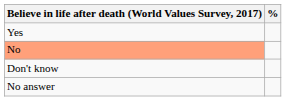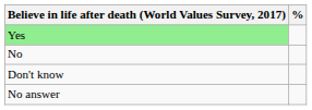 <table class="wikitable float" style="font-size: 90%">
 <tr>
 <th>Believe in life after death (World Values Survey, 2017) </th>
 <th colspan="2">%</th>
 </tr>
 <tr>
-<td>Yes</td>
+<td style="background: lightgreen;">Yes</td>
 <td align=right> </td>
 </tr>
 <tr>
-<td style="background: lightsalmon;">No</td>
+<td>No</td>
 <td align=right> </td>
 </tr>
 <tr>
 <td>Don't know</td>
 <td align=right> </td>
 </tr>
 <tr>
 <td>No answer</td>
 <td align=right> </td>
 </tr>
 </table>
